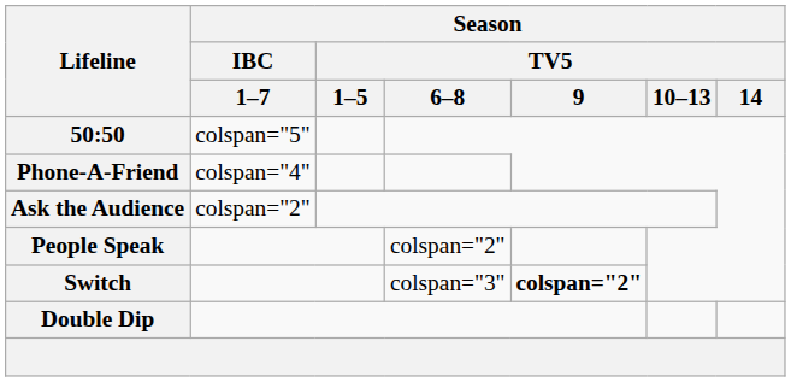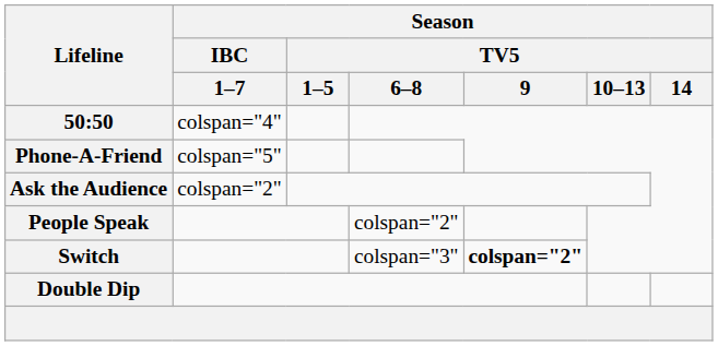 <table class="wikitable" style="text-align:center;">
 <tr>
 <th rowspan="3">Lifeline</th>
 <th colspan="6">Season</th>
 </tr>
 <tr>
 <th>IBC</th>
 <th colspan="5">TV5</th>
 </tr>
 <tr>
 <th style="width:40px">1–7</th>
 <th style="width:40px">1–5</th>
 <th style="width:40px">6–8</th>
 <th style="width:40px">9</th>
 <th style="width:40px">10–13</th>
 <th style="width:40px">14</th>
 </tr>
 <tr>
 <th>50:50</th>
-<td>colspan="5" </td>
+<td>colspan="4" </td>
 <td></td>
 </tr>
 <tr>
 <th>Phone-A-Friend</th>
-<td>colspan="4" </td>
+<td>colspan="5" </td>
 <td></td>
 <td></td>
 </tr>
 <tr>
 <th>Ask the Audience</th>
 <td>colspan="2" </td>
 <td colspan="4"></td>
 </tr>
 <tr>
 <th>People Speak</th>
 <td colspan="2"></td>
 <td>colspan="2" </td>
 <td></td>
 </tr>
 <tr>
 <th>Switch</th>
 <td colspan="2"></td>
 <td>colspan="3" </td>
 <td><strong>colspan="2" </strong></td>
 </tr>
 <tr>
 <th>Double Dip</th>
 <td colspan="4"></td>
 <td></td>
 <td></td>
 </tr>
 <tr>
 <th colspan="7" style="text-align:left;"><br></th>
 </tr>
 </table>
